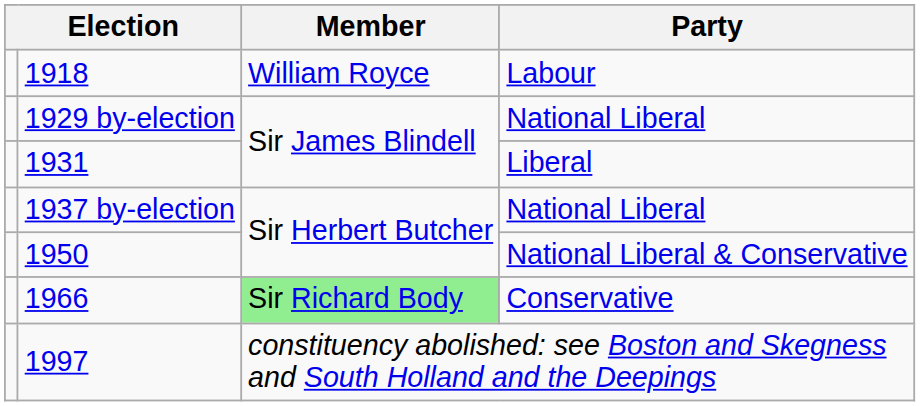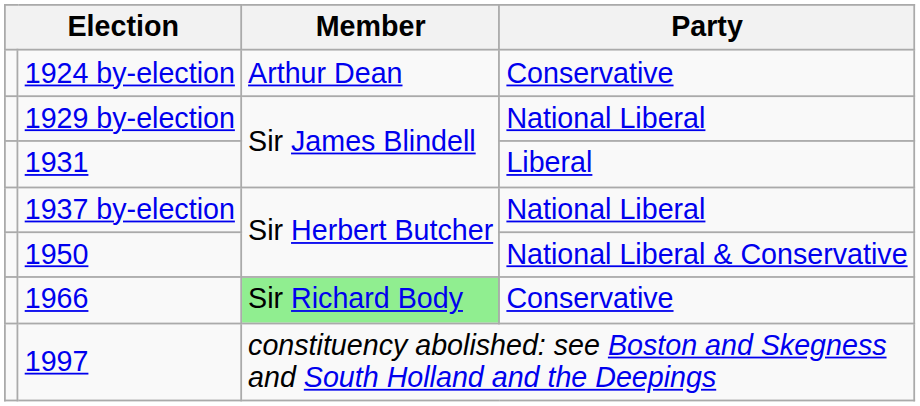 <table class="wikitable">
 <tr>
 <th colspan="2">Election</th>
 <th>Member</th>
 <th>Party</th>
 </tr>
 <tr>
 <td style="color:inherit;background-color: "></td>
-<td><a href='#'>1918</a></td>
-<td><a href='#'>William Royce</a></td>
-<td><a href='#'>Labour</a></td>
+<td><a href='#'>1924 by-election</a></td>
+<td><a href='#'>Arthur Dean</a></td>
+<td><a href='#'>Conservative</a></td>
 </tr>
 <tr>
 <td style="color:inherit;background-color: "></td>
 <td><a href='#'>1929 by-election</a></td>
 <td rowspan="2">Sir <a href='#'>James Blindell</a></td>
 <td><a href='#'>National Liberal</a></td>
 </tr>
 <tr>
 <td style="color:inherit;background-color: "></td>
 <td><a href='#'>1931</a></td>
 <td><a href='#'>Liberal</a></td>
 </tr>
 <tr>
 <td style="color:inherit;background-color: "></td>
 <td><a href='#'>1937 by-election</a></td>
 <td rowspan="2">Sir <a href='#'>Herbert Butcher</a></td>
 <td><a href='#'>National Liberal</a></td>
 </tr>
 <tr>
 <td style="color:inherit;background-color: "></td>
 <td><a href='#'>1950</a></td>
 <td><a href='#'>National Liberal & Conservative</a></td>
 </tr>
 <tr>
 <td style="color:inherit;background-color: "></td>
 <td><a href='#'>1966</a></td>
 <td style="background: lightgreen;">Sir <a href='#'>Richard Body</a></td>
 <td><a href='#'>Conservative</a></td>
 </tr>
 <tr>
 <td></td>
 <td><a href='#'>1997</a></td>
 <td colspan="2"><em>constituency abolished: see <a href='#'>Boston and Skegness</a> <br>and <a href='#'>South Holland and the Deepings</a></em></td>
 </tr>
 </table>
